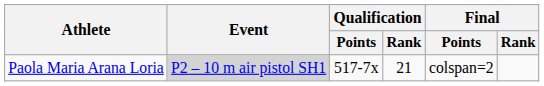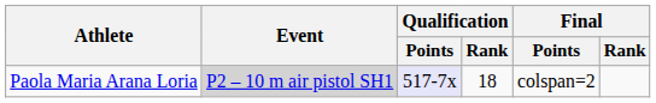 <table class="wikitable" style="font-size:90%">
 <tr>
 <th rowspan="2">Athlete</th>
 <th rowspan="2">Event</th>
 <th colspan="2">Qualification</th>
 <th colspan="2">Final</th>
 </tr>
 <tr style="font-size:95%">
 <th>Points</th>
 <th>Rank</th>
 <th>Points</th>
 <th>Rank</th>
 </tr>
 <tr align=center>
 <td align=left><a href='#'>Paola Maria Arana Loria</a></td>
 <td align=left style="background: lightgrey;"><a href='#'>P2 – 10 m air pistol SH1</a></td>
-<td>517-7x</td>
-<td>21</td>
+<td style="background: lavender;">517-7x</td>
+<td>18</td>
 <td>colspan=2 </td>
 </tr>
 </table>
